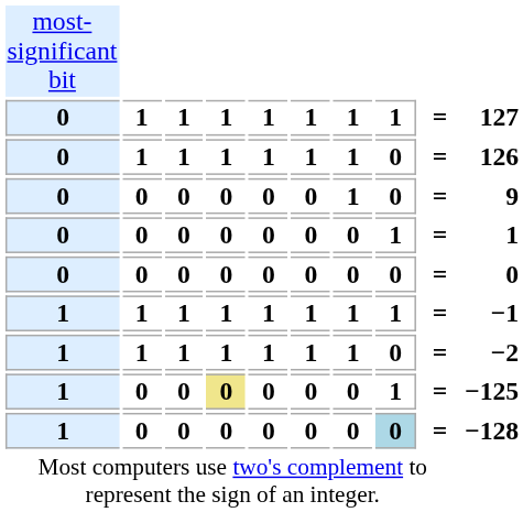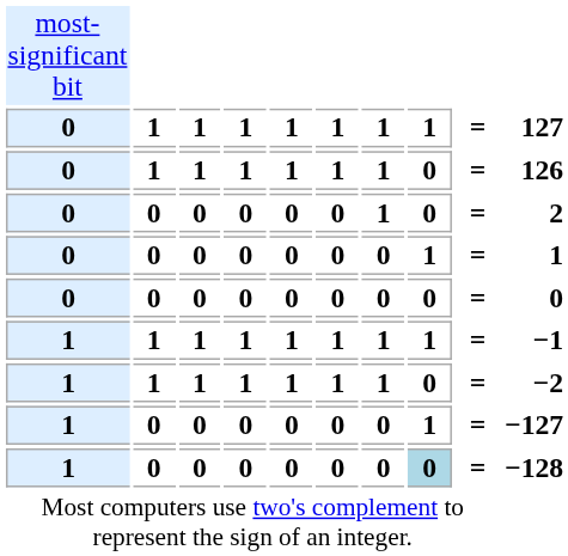 <table class="floatright" style="width:20em;">
 <tr>
 <td align="center" style="background-color:#ddeeff;"><a href='#'>most-significant bit</a></td>
 <td align="center" colspan="9"></td>
 </tr>
 <tr>
 <td align="center" style="width:2em; background-color:#ddeeff; border-top:1px solid #aaaaaa; border-bottom:1px solid #aaaaaa; border-left:1px solid #aaaaaa;"><strong>0</strong></td>
 <td align="center" style="width:2em; border-top:1px solid #aaaaaa; border-bottom:1px solid #aaaaaa;"><strong>1</strong></td>
 <td align="center" style="width:2em; border-top:1px solid #aaaaaa; border-bottom:1px solid #aaaaaa;"><strong>1</strong></td>
 <td align="center" style="width:2em; border-top:1px solid #aaaaaa; border-bottom:1px solid #aaaaaa;"><strong>1</strong></td>
 <td align="center" style="width:2em; border-top:1px solid #aaaaaa; border-bottom:1px solid #aaaaaa;"><strong>1</strong></td>
 <td align="center" style="width:2em; border-top:1px solid #aaaaaa; border-bottom:1px solid #aaaaaa;"><strong>1</strong></td>
 <td align="center" style="width:2em; border-top:1px solid #aaaaaa; border-bottom:1px solid #aaaaaa;"><strong>1</strong></td>
 <td align="center" style="width:2em; border-top:1px solid #aaaaaa; border-bottom:1px solid #aaaaaa; border-right:1px solid #aaaaaa;"><strong>1</strong></td>
 <td align="center" style="width:2em;"><strong>=</strong></td>
 <td align="right" style="width:2em;"><strong>127</strong></td>
 </tr>
 <tr>
 <td align="center" style="width:2em; background-color:#ddeeff; border-top:1px solid #aaaaaa; border-bottom:1px solid #aaaaaa; border-left:1px solid #aaaaaa;"><strong>0</strong></td>
 <td align="center" style="width:2em; border-top:1px solid #aaaaaa; border-bottom:1px solid #aaaaaa;"><strong>1</strong></td>
 <td align="center" style="width:2em; border-top:1px solid #aaaaaa; border-bottom:1px solid #aaaaaa;"><strong>1</strong></td>
 <td align="center" style="width:2em; border-top:1px solid #aaaaaa; border-bottom:1px solid #aaaaaa;"><strong>1</strong></td>
 <td align="center" style="width:2em; border-top:1px solid #aaaaaa; border-bottom:1px solid #aaaaaa;"><strong>1</strong></td>
 <td align="center" style="width:2em; border-top:1px solid #aaaaaa; border-bottom:1px solid #aaaaaa;"><strong>1</strong></td>
 <td align="center" style="width:2em; border-top:1px solid #aaaaaa; border-bottom:1px solid #aaaaaa;"><strong>1</strong></td>
 <td align="center" style="width:2em; border-top:1px solid #aaaaaa; border-bottom:1px solid #aaaaaa; border-right:1px solid #aaaaaa;"><strong>0</strong></td>
 <td align="center" style="width:2em;"><strong>=</strong></td>
 <td align="right" style="width:2em;"><strong>126</strong></td>
 </tr>
 <tr>
 <td align="center" style="width:2em; background-color:#ddeeff; border-top:1px solid #aaaaaa; border-bottom:1px solid #aaaaaa; border-left:1px solid #aaaaaa;"><strong>0</strong></td>
 <td align="center" style="width:2em; border-top:1px solid #aaaaaa; border-bottom:1px solid #aaaaaa;"><strong>0</strong></td>
 <td align="center" style="width:2em; border-top:1px solid #aaaaaa; border-bottom:1px solid #aaaaaa;"><strong>0</strong></td>
 <td align="center" style="width:2em; border-top:1px solid #aaaaaa; border-bottom:1px solid #aaaaaa;"><strong>0</strong></td>
 <td align="center" style="width:2em; border-top:1px solid #aaaaaa; border-bottom:1px solid #aaaaaa;"><strong>0</strong></td>
 <td align="center" style="width:2em; border-top:1px solid #aaaaaa; border-bottom:1px solid #aaaaaa;"><strong>0</strong></td>
 <td align="center" style="width:2em; border-top:1px solid #aaaaaa; border-bottom:1px solid #aaaaaa;"><strong>1</strong></td>
 <td align="center" style="width:2em; border-top:1px solid #aaaaaa; border-bottom:1px solid #aaaaaa; border-right:1px solid #aaaaaa;"><strong>0</strong></td>
 <td align="center" style="width:2em;"><strong>=</strong></td>
-<td align="right" style="width:2em;"><strong>9</strong></td>
+<td align="right" style="width:2em;"><strong>2</strong></td>
 </tr>
 <tr>
 <td align="center" style="width:2em; background-color:#ddeeff; border-top:1px solid #aaaaaa; border-bottom:1px solid #aaaaaa; border-left:1px solid #aaaaaa;"><strong>0</strong></td>
 <td align="center" style="width:2em; border-top:1px solid #aaaaaa; border-bottom:1px solid #aaaaaa;"><strong>0</strong></td>
 <td align="center" style="width:2em; border-top:1px solid #aaaaaa; border-bottom:1px solid #aaaaaa;"><strong>0</strong></td>
 <td align="center" style="width:2em; border-top:1px solid #aaaaaa; border-bottom:1px solid #aaaaaa;"><strong>0</strong></td>
 <td align="center" style="width:2em; border-top:1px solid #aaaaaa; border-bottom:1px solid #aaaaaa;"><strong>0</strong></td>
 <td align="center" style="width:2em; border-top:1px solid #aaaaaa; border-bottom:1px solid #aaaaaa;"><strong>0</strong></td>
 <td align="center" style="width:2em; border-top:1px solid #aaaaaa; border-bottom:1px solid #aaaaaa;"><strong>0</strong></td>
 <td align="center" style="width:2em; border-top:1px solid #aaaaaa; border-bottom:1px solid #aaaaaa; border-right:1px solid #aaaaaa;"><strong>1</strong></td>
 <td align="center" style="width:2em;"><strong>=</strong></td>
 <td align="right" style="width:2em;"><strong>1</strong></td>
 </tr>
 <tr>
 <td align="center" style="width:2em; background-color:#ddeeff; border-top:1px solid #aaaaaa; border-bottom:1px solid #aaaaaa; border-left:1px solid #aaaaaa;"><strong>0</strong></td>
 <td align="center" style="width:2em; border-top:1px solid #aaaaaa; border-bottom:1px solid #aaaaaa;"><strong>0</strong></td>
 <td align="center" style="width:2em; border-top:1px solid #aaaaaa; border-bottom:1px solid #aaaaaa;"><strong>0</strong></td>
 <td align="center" style="width:2em; border-top:1px solid #aaaaaa; border-bottom:1px solid #aaaaaa;"><strong>0</strong></td>
 <td align="center" style="width:2em; border-top:1px solid #aaaaaa; border-bottom:1px solid #aaaaaa;"><strong>0</strong></td>
 <td align="center" style="width:2em; border-top:1px solid #aaaaaa; border-bottom:1px solid #aaaaaa;"><strong>0</strong></td>
 <td align="center" style="width:2em; border-top:1px solid #aaaaaa; border-bottom:1px solid #aaaaaa;"><strong>0</strong></td>
 <td align="center" style="width:2em; border-top:1px solid #aaaaaa; border-bottom:1px solid #aaaaaa; border-right:1px solid #aaaaaa;"><strong>0</strong></td>
 <td align="center" style="width:2em;"><strong>=</strong></td>
 <td align="right" style="width:2em;"><strong>0</strong></td>
 </tr>
 <tr>
 <td align="center" style="width:2em; background-color:#ddeeff; border-top:1px solid #aaaaaa; border-bottom:1px solid #aaaaaa; border-left:1px solid #aaaaaa;"><strong>1</strong></td>
 <td align="center" style="width:2em; border-top:1px solid #aaaaaa; border-bottom:1px solid #aaaaaa;"><strong>1</strong></td>
 <td align="center" style="width:2em; border-top:1px solid #aaaaaa; border-bottom:1px solid #aaaaaa;"><strong>1</strong></td>
 <td align="center" style="width:2em; border-top:1px solid #aaaaaa; border-bottom:1px solid #aaaaaa;"><strong>1</strong></td>
 <td align="center" style="width:2em; border-top:1px solid #aaaaaa; border-bottom:1px solid #aaaaaa;"><strong>1</strong></td>
 <td align="center" style="width:2em; border-top:1px solid #aaaaaa; border-bottom:1px solid #aaaaaa;"><strong>1</strong></td>
 <td align="center" style="width:2em; border-top:1px solid #aaaaaa; border-bottom:1px solid #aaaaaa;"><strong>1</strong></td>
 <td align="center" style="width:2em; border-top:1px solid #aaaaaa; border-bottom:1px solid #aaaaaa; border-right:1px solid #aaaaaa;"><strong>1</strong></td>
 <td align="center" style="width:2em;"><strong>=</strong></td>
 <td align="right" style="width:2em;"><strong>−1</strong></td>
 </tr>
 <tr>
 <td align="center" style="width:2em; background-color:#ddeeff; border-top:1px solid #aaaaaa; border-bottom:1px solid #aaaaaa; border-left:1px solid #aaaaaa;"><strong>1</strong></td>
 <td align="center" style="width:2em; border-top:1px solid #aaaaaa; border-bottom:1px solid #aaaaaa;"><strong>1</strong></td>
 <td align="center" style="width:2em; border-top:1px solid #aaaaaa; border-bottom:1px solid #aaaaaa;"><strong>1</strong></td>
 <td align="center" style="width:2em; border-top:1px solid #aaaaaa; border-bottom:1px solid #aaaaaa;"><strong>1</strong></td>
 <td align="center" style="width:2em; border-top:1px solid #aaaaaa; border-bottom:1px solid #aaaaaa;"><strong>1</strong></td>
 <td align="center" style="width:2em; border-top:1px solid #aaaaaa; border-bottom:1px solid #aaaaaa;"><strong>1</strong></td>
 <td align="center" style="width:2em; border-top:1px solid #aaaaaa; border-bottom:1px solid #aaaaaa;"><strong>1</strong></td>
 <td align="center" style="width:2em; border-top:1px solid #aaaaaa; border-bottom:1px solid #aaaaaa; border-right:1px solid #aaaaaa;"><strong>0</strong></td>
 <td align="center" style="width:2em;"><strong>=</strong></td>
 <td align="right" style="width:2em;"><strong>−2</strong></td>
 </tr>
 <tr>
 <td align="center" style="width:2em; background-color:#ddeeff; border-top:1px solid #aaaaaa; border-bottom:1px solid #aaaaaa; border-left:1px solid #aaaaaa;"><strong>1</strong></td>
 <td align="center" style="width:2em; border-top:1px solid #aaaaaa; border-bottom:1px solid #aaaaaa;"><strong>0</strong></td>
 <td align="center" style="width:2em; border-top:1px solid #aaaaaa; border-bottom:1px solid #aaaaaa;"><strong>0</strong></td>
-<td align="center" style="background: khaki; width:2em; border-top:1px solid #aaaaaa; border-bottom:1px solid #aaaaaa;"><strong>0</strong></td>
+<td align="center" style="width:2em; border-top:1px solid #aaaaaa; border-bottom:1px solid #aaaaaa;"><strong>0</strong></td>
 <td align="center" style="width:2em; border-top:1px solid #aaaaaa; border-bottom:1px solid #aaaaaa;"><strong>0</strong></td>
 <td align="center" style="width:2em; border-top:1px solid #aaaaaa; border-bottom:1px solid #aaaaaa;"><strong>0</strong></td>
 <td align="center" style="width:2em; border-top:1px solid #aaaaaa; border-bottom:1px solid #aaaaaa;"><strong>0</strong></td>
 <td align="center" style="width:2em; border-top:1px solid #aaaaaa; border-bottom:1px solid #aaaaaa; border-right:1px solid #aaaaaa;"><strong>1</strong></td>
 <td align="center" style="width:2em;"><strong>=</strong></td>
-<td align="right" style="width:2em;"><strong>−125</strong></td>
+<td align="right" style="width:2em;"><strong>−127</strong></td>
 </tr>
 <tr>
 <td align="center" style="width:2em; background-color:#ddeeff; border-top:1px solid #aaaaaa; border-bottom:1px solid #aaaaaa; border-left:1px solid #aaaaaa;"><strong>1</strong></td>
 <td align="center" style="width:2em; border-top:1px solid #aaaaaa; border-bottom:1px solid #aaaaaa;"><strong>0</strong></td>
 <td align="center" style="width:2em; border-top:1px solid #aaaaaa; border-bottom:1px solid #aaaaaa;"><strong>0</strong></td>
 <td align="center" style="width:2em; border-top:1px solid #aaaaaa; border-bottom:1px solid #aaaaaa;"><strong>0</strong></td>
 <td align="center" style="width:2em; border-top:1px solid #aaaaaa; border-bottom:1px solid #aaaaaa;"><strong>0</strong></td>
 <td align="center" style="width:2em; border-top:1px solid #aaaaaa; border-bottom:1px solid #aaaaaa;"><strong>0</strong></td>
 <td align="center" style="width:2em; border-top:1px solid #aaaaaa; border-bottom:1px solid #aaaaaa;"><strong>0</strong></td>
 <td align="center" style="background: lightblue; width:2em; border-top:1px solid #aaaaaa; border-bottom:1px solid #aaaaaa; border-right:1px solid #aaaaaa;"><strong>0</strong></td>
 <td align="center" style="width:2em;"><strong>=</strong></td>
 <td align="right" style="width:2em;"><strong>−128</strong></td>
 </tr>
 <tr>
 <td colspan=9 style="text-align:center;font-size:90%">Most computers use <a href='#'>two's complement</a> to represent the sign of an integer.</td>
 </tr>
 </table>
